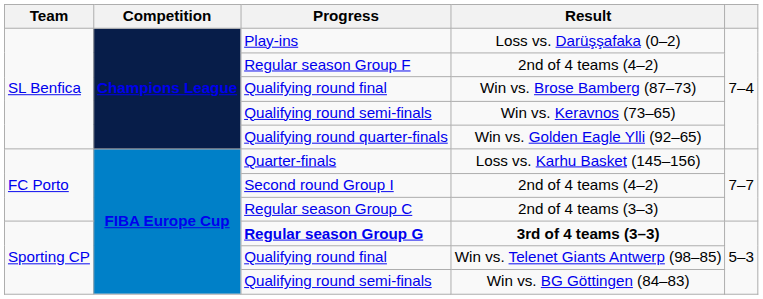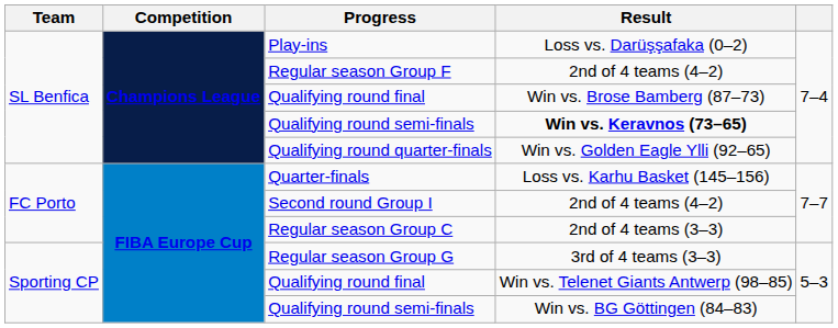 <table class="wikitable sortable">
 <tr>
 <th>Team</th>
 <th>Competition</th>
 <th>Progress</th>
 <th>Result</th>
 <th></th>
 </tr>
 <tr>
 <td rowspan="5"><a href='#'>SL Benfica</a></td>
 <td rowspan="5" style="background-color:#071D49;color:#D0D3D4;text-align:center"><strong><a href='#'><span>Champions League</span></a></strong></td>
 <td><a href='#'>Play-ins</a></td>
 <td style="text-align:center">Loss vs.  <a href='#'>Darüşşafaka</a> (0–2)</td>
 <td rowspan="5" style="text-align:center">7–4</td>
 </tr>
 <tr>
 <td><a href='#'>Regular season Group F</a></td>
 <td style="text-align:center">2nd of 4 teams (4–2)</td>
 </tr>
 <tr>
 <td><a href='#'>Qualifying round final</a></td>
 <td style="text-align:center">Win vs.  <a href='#'>Brose Bamberg</a> (87–73)</td>
 </tr>
 <tr>
 <td><a href='#'>Qualifying round semi-finals</a></td>
-<td style="text-align:center">Win vs.  <a href='#'>Keravnos</a> (73–65)</td>
+<td style="text-align:center"><strong>Win vs.  <a href='#'>Keravnos</a> (73–65)</strong></td>
 </tr>
 <tr>
 <td><a href='#'>Qualifying round quarter-finals</a></td>
 <td style="text-align:center">Win vs.  <a href='#'>Golden Eagle Ylli</a> (92–65)</td>
 </tr>
 <tr>
 <td rowspan="3"><a href='#'>FC Porto</a></td>
 <td rowspan="6" style="background-color:#0080C8;color:#FFFFFF;text-align:center"><strong><a href='#'><span>FIBA Europe Cup</span></a></strong></td>
 <td><a href='#'>Quarter-finals</a></td>
 <td style="text-align:center">Loss vs.  <a href='#'>Karhu Basket</a> (145–156)</td>
 <td rowspan="3" style="text-align:center">7–7</td>
 </tr>
 <tr>
 <td><a href='#'>Second round Group I</a></td>
 <td style="text-align:center">2nd of 4 teams (4–2)</td>
 </tr>
 <tr>
 <td><a href='#'>Regular season Group C</a></td>
 <td style="text-align:center">2nd of 4 teams (3–3)</td>
 </tr>
 <tr>
 <td rowspan="3"><a href='#'>Sporting CP</a></td>
-<td><strong><a href='#'>Regular season Group G</a></strong></td>
-<td style="text-align:center"><strong>3rd of 4 teams (3–3)</strong></td>
+<td><a href='#'>Regular season Group G</a></td>
+<td style="text-align:center">3rd of 4 teams (3–3)</td>
 <td rowspan="3" style="text-align:center">5–3</td>
 </tr>
 <tr>
 <td><a href='#'>Qualifying round final</a></td>
 <td style="text-align:center">Win vs.  <a href='#'>Telenet Giants Antwerp</a> (98–85)</td>
 </tr>
 <tr>
 <td><a href='#'>Qualifying round semi-finals</a></td>
 <td style="text-align:center">Win vs.  <a href='#'>BG Göttingen</a> (84–83)</td>
 </tr>
 </table>
